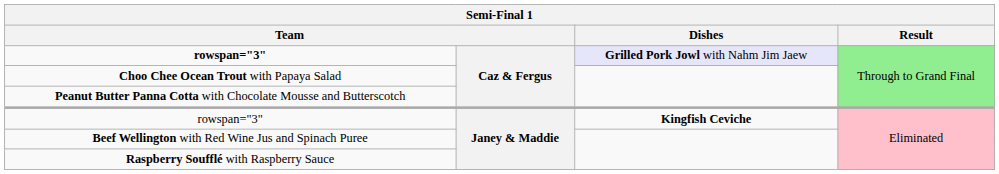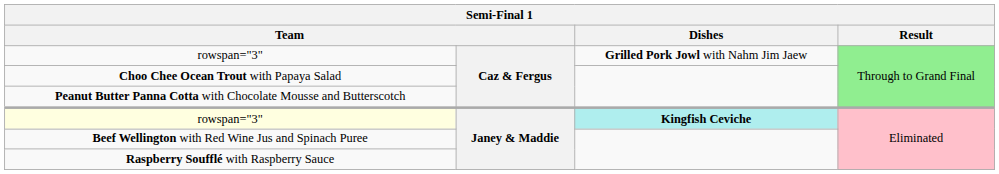 <table class="wikitable plainrowheaders" style="margin:1em auto; text-align:center; font-size:90%; width:80em;">
 <tr>
 <th colspan="6" >Semi-Final 1</th>
 </tr>
 <tr>
 <th colspan="2">Team</th>
 <th>Dishes</th>
 <th>Result</th>
 </tr>
 <tr>
-<td><strong>rowspan="3" </strong></td>
+<td>rowspan="3" </td>
 <th rowspan="3">Caz & Fergus</th>
-<td style="background: lavender;"><strong>Grilled Pork Jowl</strong> with Nahm Jim Jaew</td>
+<td><strong>Grilled Pork Jowl</strong> with Nahm Jim Jaew</td>
 <td rowspan="3" bgcolor="lightgreen">Through to Grand Final</td>
 </tr>
 <tr>
 <td><strong>Choo Chee Ocean Trout</strong> with Papaya Salad</td>
 </tr>
 <tr>
 <td><strong>Peanut Butter Panna Cotta</strong> with Chocolate Mousse and Butterscotch</td>
 </tr>
 <tr style="border-top:3px solid #aaa;">
-<td>rowspan="3" </td>
+<td style="background: lightyellow;">rowspan="3" </td>
 <th rowspan="3">Janey & Maddie</th>
-<td><strong>Kingfish Ceviche</strong></td>
+<td style="background: paleturquoise;"><strong>Kingfish Ceviche</strong></td>
 <td rowspan="3" bgcolor=pink>Eliminated</td>
 </tr>
 <tr>
 <td><strong>Beef Wellington</strong> with Red Wine Jus and Spinach Puree</td>
 </tr>
 <tr>
 <td><strong>Raspberry Soufflé</strong> with Raspberry Sauce</td>
 </tr>
 </table>
